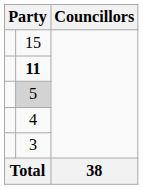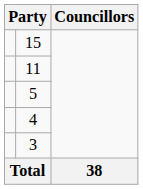 <table class="wikitable">
 <tr>
 <th colspan=2>Party</th>
 <th>Councillors</th>
 </tr>
 <tr>
 <td></td>
 <td align=center>15</td>
 </tr>
 <tr>
 <td></td>
-<td align=center><strong>11</strong></td>
+<td align=center>11</td>
 </tr>
 <tr>
 <td></td>
-<td align=center style="background: lightgrey;">5</td>
+<td align=center>5</td>
 </tr>
 <tr>
 <td></td>
 <td align=center>4</td>
 </tr>
 <tr>
 <td></td>
 <td align=center>3</td>
 </tr>
 <tr>
 <th colspan=2>Total</th>
 <th align=center>38</th>
 </tr>
 </table>
